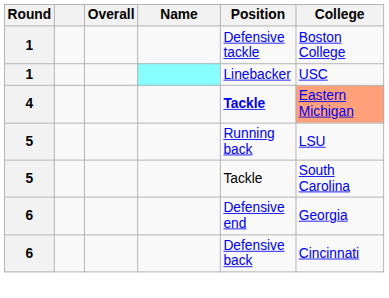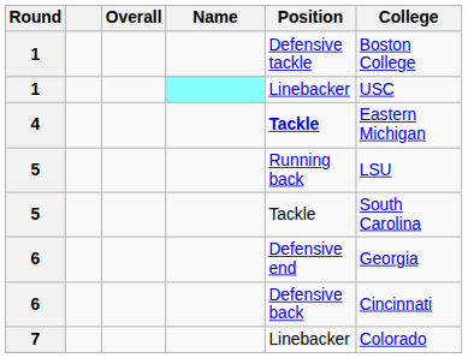 <table class="wikitable sortable" style="width: 50%;">
 <tr>
 <th scope="col" style="width: 10%;">Round</th>
 <th scope="col" style="width: 10%;"></th>
 <th scope="col" style="width: 10%;">Overall</th>
 <th scope="col" style="width: 25%;">Name</th>
 <th scope="col" style="width: 20%;">Position</th>
 <th scope="col" style="width: 25%;">College</th>
 </tr>
 <tr>
 <th scope="row">1</th>
 <td></td>
 <td></td>
 <td></td>
 <td><a href='#'>Defensive tackle</a></td>
 <td><a href='#'>Boston College</a></td>
 </tr>
 <tr>
 <th scope="row">1</th>
 <td></td>
 <td></td>
 <td style="background:#88FFFF;"> <sup></sup></td>
 <td><a href='#'>Linebacker</a></td>
 <td><a href='#'>USC</a></td>
 </tr>
 <tr>
 <th scope="row">4</th>
 <td></td>
 <td></td>
 <td></td>
 <td><strong><a href='#'>Tackle</a></strong></td>
-<td style="background: lightsalmon;"><a href='#'>Eastern Michigan</a></td>
+<td><a href='#'>Eastern Michigan</a></td>
 </tr>
 <tr>
 <th scope="row">5</th>
 <td></td>
 <td></td>
 <td></td>
 <td><a href='#'>Running back</a></td>
 <td><a href='#'>LSU</a></td>
 </tr>
 <tr>
 <th scope="row">5</th>
 <td></td>
 <td></td>
 <td></td>
 <td>Tackle</td>
 <td><a href='#'>South Carolina</a></td>
 </tr>
 <tr>
 <th scope="row">6</th>
 <td></td>
 <td></td>
 <td></td>
 <td><a href='#'>Defensive end</a></td>
 <td><a href='#'>Georgia</a></td>
 </tr>
 <tr>
 <th scope="row">6</th>
 <td></td>
 <td></td>
 <td></td>
 <td><a href='#'>Defensive back</a></td>
 <td><a href='#'>Cincinnati</a></td>
 </tr>
+<tr>
+<th scope="row">7</th>
+<td></td>
+<td></td>
+<td></td>
+<td>Linebacker</td>
+<td><a href='#'>Colorado</a></td>
+</tr>
 </table>
